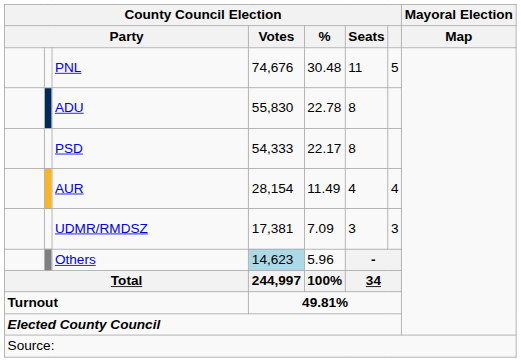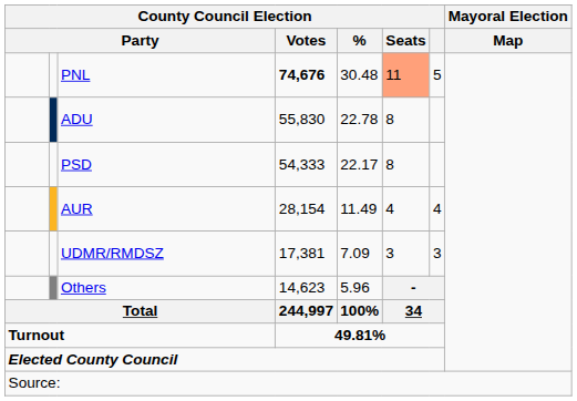 <table class="wikitable" style="text-align:left">
 <tr>
 <th colspan="7">County Council Election</th>
 <th>Mayoral Election</th>
 </tr>
 <tr>
 <th colspan="3" width="280">Party</th>
 <th>Votes</th>
 <th>%</th>
 <th>Seats</th>
 <th></th>
 <th>Map</th>
 </tr>
 <tr>
 <td width="40" height="40"></td>
 <td width="1" style="color:inherit;background:"></td>
 <td align="left"><a href='#'>PNL</a></td>
-<td>74,676</td>
+<td><strong>74,676</strong></td>
 <td>30.48</td>
-<td>11</td>
+<td style="background: lightsalmon;">11</td>
 <td>5</td>
 <td rowspan="9"></td>
 </tr>
 <tr>
 <td height="40"></td>
 <td style="background:#002A59;"></td>
 <td align="left"><a href='#'>ADU</a></td>
 <td>55,830</td>
 <td>22.78</td>
 <td>8</td>
 <td></td>
 </tr>
 <tr>
 <td height="40"></td>
 <td style="color:inherit;background:"></td>
 <td align="left"><a href='#'>PSD</a></td>
 <td>54,333</td>
 <td>22.17</td>
 <td>8</td>
 <td></td>
 </tr>
 <tr>
 <td height="40"></td>
 <td style="background:#FCB521;"></td>
 <td align="left"><a href='#'>AUR</a></td>
 <td>28,154</td>
 <td>11.49</td>
 <td>4</td>
 <td>4</td>
 </tr>
 <tr>
 <td height="40"></td>
 <td style="color:inherit;background:"></td>
 <td align="left"><a href='#'>UDMR/RMDSZ</a></td>
 <td>17,381</td>
 <td>7.09</td>
 <td>3</td>
 <td>3</td>
 </tr>
 <tr>
 <td></td>
 <td style="background-color:Grey "></td>
 <td align="left"><a href='#'>Others</a></td>
-<td style="background: lightblue;">14,623</td>
+<td>14,623</td>
 <td>5.96</td>
 <th colspan="2">-</th>
 </tr>
 <tr>
 <th colspan="3"><strong><u>Total</u></strong></th>
 <th style="text-align:left">244,997</th>
 <th style="text-align:left">100%</th>
 <th colspan="2"><strong><u>34</u></strong></th>
 </tr>
 <tr>
 <td colspan="3"><strong>Turnout</strong></td>
 <td colspan="4" style="text-align: center"><strong>49.81%</strong></td>
 </tr>
 <tr>
 <td colspan="7"><strong><em>Elected County Council</em></strong></td>
 </tr>
 <tr>
 <td colspan="8">Source: </td>
 </tr>
 </table>
